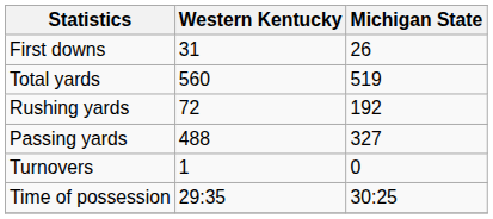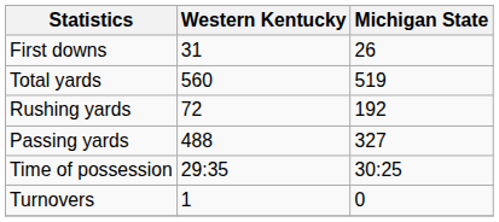 <table class="wikitable">
 <tr>
 <th>Statistics</th>
 <th>Western Kentucky</th>
 <th>Michigan State</th>
 </tr>
 <tr>
 <td>First downs</td>
 <td>31</td>
 <td>26</td>
 </tr>
 <tr>
 <td>Total yards</td>
 <td>560</td>
 <td>519</td>
 </tr>
 <tr>
 <td>Rushing yards</td>
 <td>72</td>
 <td>192</td>
 </tr>
 <tr>
 <td>Passing yards</td>
 <td>488</td>
 <td>327</td>
 </tr>
 <tr>
+<td>Time of possession</td>
+<td>29:35</td>
+<td>30:25</td>
+</tr>
+<tr>
 <td>Turnovers</td>
 <td>1</td>
 <td>0</td>
 </tr>
 <tr>
-<td>Time of possession</td>
-<td>29:35</td>
-<td>30:25</td>
-</tr>
-<tr>
 </tr>
 </table>
